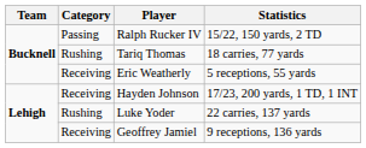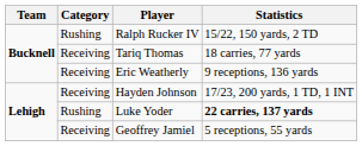 <table class="wikitable" style="float: right;">
 <tr>
 <th>Team</th>
 <th>Category</th>
 <th>Player</th>
 <th>Statistics</th>
 </tr>
 <tr>
 <td rowspan=3><strong>Bucknell</strong></td>
-<td>Passing</td>
+<td>Rushing</td>
 <td>Ralph Rucker IV</td>
 <td>15/22, 150 yards, 2 TD</td>
 </tr>
 <tr>
-<td>Rushing</td>
+<td>Receiving</td>
 <td>Tariq Thomas</td>
 <td>18 carries, 77 yards</td>
 </tr>
 <tr>
 <td>Receiving</td>
 <td>Eric Weatherly</td>
-<td>5 receptions, 55 yards</td>
+<td>9 receptions, 136 yards</td>
 </tr>
 <tr>
 <td rowspan=3><strong>Lehigh</strong></td>
 <td>Receiving</td>
 <td>Hayden Johnson</td>
 <td>17/23, 200 yards, 1 TD, 1 INT</td>
 </tr>
 <tr>
 <td>Rushing</td>
 <td>Luke Yoder</td>
-<td>22 carries, 137 yards</td>
+<td><strong>22 carries, 137 yards</strong></td>
 </tr>
 <tr>
 <td>Receiving</td>
 <td>Geoffrey Jamiel</td>
-<td>9 receptions, 136 yards</td>
+<td>5 receptions, 55 yards</td>
 </tr>
 </table>
